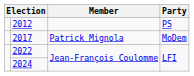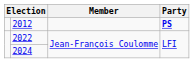 <table class="wikitable">
 <tr>
 <th colspan=2>Election</th>
 <th>Member</th>
 <th>Party</th>
 </tr>
 <tr>
 <td style="background-color: "></td>
 <td><a href='#'>2012</a></td>
 <td></td>
-<td><a href='#'>PS</a></td>
-</tr>
-<tr>
-<td style="background-color: "></td>
-<td><a href='#'>2017</a></td>
-<td><a href='#'>Patrick Mignola</a></td>
-<td><a href='#'>MoDem</a></td>
+<td><strong><a href='#'>PS</a></strong></td>
 </tr>
 <tr>
 <td rowspan="2" style="background-color: "></td>
 <td><a href='#'>2022</a></td>
 <td rowspan="2"><a href='#'>Jean-François Coulomme</a></td>
 <td rowspan="2"><a href='#'>LFI</a></td>
 </tr>
 <tr>
 <td><a href='#'>2024</a></td>
 </tr>
 </table>
